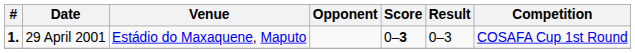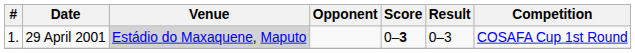 <table class="wikitable">
 <tr>
 <th>#</th>
 <th>Date</th>
 <th>Venue</th>
 <th>Opponent</th>
 <th>Score</th>
 <th>Result</th>
 <th>Competition</th>
 </tr>
 <tr>
-<td><strong>1.</strong></td>
+<td>1.</td>
 <td>29 April 2001</td>
-<td><a href='#'>Estádio do Maxaquene</a>, <a href='#'>Maputo</a></td>
+<td style="background: lightgrey;"><a href='#'>Estádio do Maxaquene</a>, <a href='#'>Maputo</a></td>
 <td></td>
 <td>0–<strong>3</strong></td>
 <td>0–3</td>
 <td><a href='#'>COSAFA Cup 1st Round</a></td>
 </tr>
 <tr>
 </tr>
 </table>
